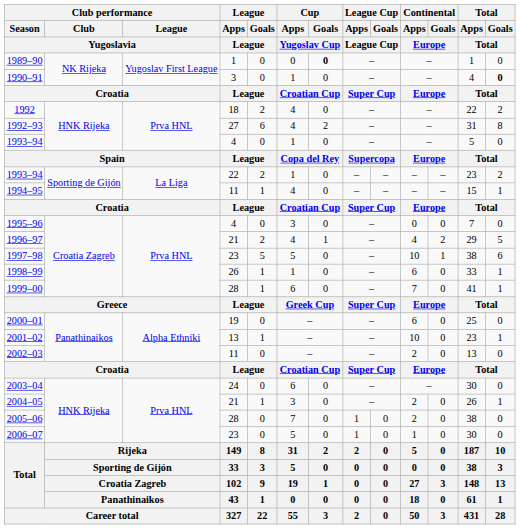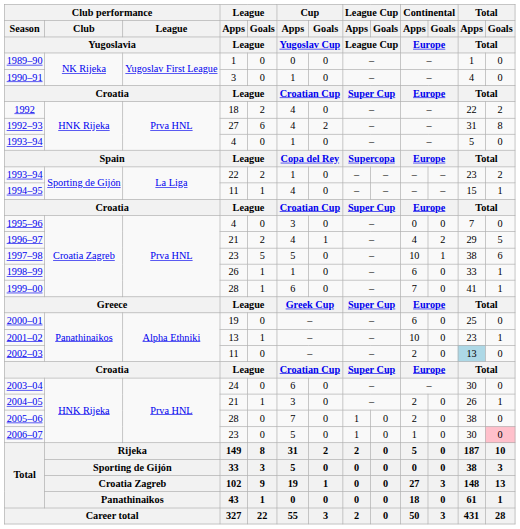 <table class="wikitable" style="text-align:center;">
 <tr>
 <th colspan=3>Club performance</th>
 <th colspan=2>League</th>
 <th colspan=2>Cup</th>
 <th colspan=2>League Cup</th>
 <th colspan=2>Continental</th>
 <th colspan=2>Total</th>
 </tr>
 <tr>
 <th>Season</th>
 <th>Club</th>
 <th>League</th>
 <th>Apps</th>
 <th>Goals</th>
 <th>Apps</th>
 <th>Goals</th>
 <th>Apps</th>
 <th>Goals</th>
 <th>Apps</th>
 <th>Goals</th>
 <th>Apps</th>
 <th>Goals</th>
 </tr>
 <tr>
 <th colspan=3>Yugoslavia</th>
 <th colspan=2>League</th>
 <th colspan=2><a href='#'>Yugoslav Cup</a></th>
 <th colspan=2>League Cup</th>
 <th colspan=2><a href='#'>Europe</a></th>
 <th colspan=2>Total</th>
 </tr>
 <tr>
 <td><a href='#'>1989–90</a></td>
 <td rowspan="2"><a href='#'>NK Rijeka</a></td>
 <td rowspan="2"><a href='#'>Yugoslav First League</a></td>
 <td>1</td>
 <td>0</td>
 <td>0</td>
-<td><strong>0</strong></td>
+<td>0</td>
 <td colspan="2">–</td>
 <td colspan="2">–</td>
 <td>1</td>
 <td>0</td>
 </tr>
 <tr>
 <td><a href='#'>1990–91</a></td>
 <td>3</td>
 <td>0</td>
 <td>1</td>
 <td>0</td>
 <td colspan="2">–</td>
 <td colspan="2">–</td>
 <td>4</td>
-<td><strong>0</strong></td>
+<td>0</td>
 </tr>
 <tr>
 <th colspan=3>Croatia</th>
 <th colspan=2>League</th>
 <th colspan=2><a href='#'>Croatian Cup</a></th>
 <th colspan=2><a href='#'>Super Cup</a></th>
 <th colspan=2><a href='#'>Europe</a></th>
 <th colspan=2>Total</th>
 </tr>
 <tr>
 <td><a href='#'>1992</a></td>
 <td rowspan="3"><a href='#'>HNK Rijeka</a></td>
 <td rowspan="3"><a href='#'>Prva HNL</a></td>
 <td>18</td>
 <td>2</td>
 <td>4</td>
 <td>0</td>
 <td colspan="2">–</td>
 <td colspan="2">–</td>
 <td>22</td>
 <td>2</td>
 </tr>
 <tr>
 <td><a href='#'>1992–93</a></td>
 <td>27</td>
 <td>6</td>
 <td>4</td>
 <td>2</td>
 <td colspan="2">–</td>
 <td colspan="2">–</td>
 <td>31</td>
 <td>8</td>
 </tr>
 <tr>
 <td><a href='#'>1993–94</a></td>
 <td>4</td>
 <td>0</td>
 <td>1</td>
 <td>0</td>
 <td colspan="2">–</td>
 <td colspan="2">–</td>
 <td>5</td>
 <td>0</td>
 </tr>
 <tr>
 <th colspan=3>Spain</th>
 <th colspan=2>League</th>
 <th colspan=2><a href='#'>Copa del Rey</a></th>
 <th colspan=2><a href='#'>Supercopa</a></th>
 <th colspan=2><a href='#'>Europe</a></th>
 <th colspan=2>Total</th>
 </tr>
 <tr>
 <td><a href='#'>1993–94</a></td>
 <td rowspan="2"><a href='#'>Sporting de Gijón</a></td>
 <td rowspan="2"><a href='#'>La Liga</a></td>
 <td>22</td>
 <td>2</td>
 <td>1</td>
 <td>0</td>
 <td>–</td>
 <td>–</td>
 <td>–</td>
 <td>–</td>
 <td>23</td>
 <td>2</td>
 </tr>
 <tr>
 <td><a href='#'>1994–95</a></td>
 <td>11</td>
 <td>1</td>
 <td>4</td>
 <td>0</td>
 <td>–</td>
 <td>–</td>
 <td>–</td>
 <td>–</td>
 <td>15</td>
 <td>1</td>
 </tr>
 <tr>
 <th colspan=3>Croatia</th>
 <th colspan=2>League</th>
 <th colspan=2><a href='#'>Croatian Cup</a></th>
 <th colspan=2><a href='#'>Super Cup</a></th>
 <th colspan=2><a href='#'>Europe</a></th>
 <th colspan=2>Total</th>
 </tr>
 <tr>
 <td><a href='#'>1995–96</a></td>
 <td rowspan="5"><a href='#'>Croatia Zagreb</a></td>
 <td rowspan="5"><a href='#'>Prva HNL</a></td>
 <td>4</td>
 <td>0</td>
 <td>3</td>
 <td>0</td>
 <td colspan="2">–</td>
 <td>0</td>
 <td>0</td>
 <td>7</td>
 <td>0</td>
 </tr>
 <tr>
 <td><a href='#'>1996–97</a></td>
 <td>21</td>
 <td>2</td>
 <td>4</td>
 <td>1</td>
 <td colspan="2">–</td>
 <td>4</td>
 <td>2</td>
 <td>29</td>
 <td>5</td>
 </tr>
 <tr>
 <td><a href='#'>1997–98</a></td>
 <td>23</td>
 <td>5</td>
 <td>5</td>
 <td>0</td>
 <td colspan="2">–</td>
 <td>10</td>
 <td>1</td>
 <td>38</td>
 <td>6</td>
 </tr>
 <tr>
 <td><a href='#'>1998–99</a></td>
 <td>26</td>
 <td>1</td>
 <td>1</td>
 <td>0</td>
 <td colspan="2">–</td>
 <td>6</td>
 <td>0</td>
 <td>33</td>
 <td>1</td>
 </tr>
 <tr>
 <td><a href='#'>1999–00</a></td>
 <td>28</td>
 <td>1</td>
 <td>6</td>
 <td>0</td>
 <td colspan="2">–</td>
 <td>7</td>
 <td>0</td>
 <td>41</td>
 <td>1</td>
 </tr>
 <tr>
 <th colspan=3>Greece</th>
 <th colspan=2>League</th>
 <th colspan=2><a href='#'>Greek Cup</a></th>
 <th colspan=2><a href='#'>Super Cup</a></th>
 <th colspan=2><a href='#'>Europe</a></th>
 <th colspan=2>Total</th>
 </tr>
 <tr>
 <td><a href='#'>2000–01</a></td>
 <td rowspan="3"><a href='#'>Panathinaikos</a></td>
 <td rowspan="3"><a href='#'>Alpha Ethniki</a></td>
 <td>19</td>
 <td>0</td>
 <td colspan="2">–</td>
 <td colspan="2">–</td>
 <td>6</td>
 <td>0</td>
 <td>25</td>
 <td>0</td>
 </tr>
 <tr>
 <td><a href='#'>2001–02</a></td>
 <td>13</td>
 <td>1</td>
 <td colspan="2">–</td>
 <td colspan="2">–</td>
 <td>10</td>
 <td>0</td>
 <td>23</td>
 <td>1</td>
 </tr>
 <tr>
 <td><a href='#'>2002–03</a></td>
 <td>11</td>
 <td>0</td>
 <td colspan="2">–</td>
 <td colspan="2">–</td>
 <td>2</td>
 <td>0</td>
-<td>13</td>
+<td style="background: lightblue;">13</td>
 <td>0</td>
 </tr>
 <tr>
 <th colspan=3>Croatia</th>
 <th colspan=2>League</th>
 <th colspan=2><a href='#'>Croatian Cup</a></th>
 <th colspan=2><a href='#'>Super Cup</a></th>
 <th colspan=2><a href='#'>Europe</a></th>
 <th colspan=2>Total</th>
 </tr>
 <tr>
 <td><a href='#'>2003–04</a></td>
 <td rowspan="4"><a href='#'>HNK Rijeka</a></td>
 <td rowspan="4"><a href='#'>Prva HNL</a></td>
 <td>24</td>
 <td>0</td>
 <td>6</td>
 <td>0</td>
 <td colspan="2">–</td>
 <td colspan="2">–</td>
 <td>30</td>
 <td>0</td>
 </tr>
 <tr>
 <td><a href='#'>2004–05</a></td>
 <td>21</td>
 <td>1</td>
 <td>3</td>
 <td>0</td>
 <td colspan="2">–</td>
 <td>2</td>
 <td>0</td>
 <td>26</td>
 <td>1</td>
 </tr>
 <tr>
 <td><a href='#'>2005–06</a></td>
 <td>28</td>
 <td>0</td>
 <td>7</td>
 <td>0</td>
 <td>1</td>
 <td>0</td>
 <td>2</td>
 <td>0</td>
 <td>38</td>
 <td>0</td>
 </tr>
 <tr>
 <td><a href='#'>2006–07</a></td>
 <td>23</td>
 <td>0</td>
 <td>5</td>
 <td>0</td>
 <td>1</td>
 <td>0</td>
 <td>1</td>
 <td>0</td>
 <td>30</td>
-<td>0</td>
+<td style="background: pink;">0</td>
 </tr>
 <tr>
 <th rowspan=4>Total</th>
 <th colspan=2>Rijeka</th>
 <th>149</th>
 <th>8</th>
 <th>31</th>
 <th>2</th>
 <th>2</th>
 <th>0</th>
 <th>5</th>
 <th>0</th>
 <th>187</th>
 <th>10</th>
 </tr>
 <tr>
 <th colspan=2>Sporting de Gijón</th>
 <th>33</th>
 <th>3</th>
 <th>5</th>
 <th>0</th>
 <th>0</th>
 <th>0</th>
 <th>0</th>
 <th>0</th>
 <th>38</th>
 <th>3</th>
 </tr>
 <tr>
 <th colspan=2>Croatia Zagreb</th>
 <th>102</th>
 <th>9</th>
 <th>19</th>
 <th>1</th>
 <th>0</th>
 <th>0</th>
 <th>27</th>
 <th>3</th>
 <th>148</th>
 <th>13</th>
 </tr>
 <tr>
 <th colspan=2>Panathinaikos</th>
 <th>43</th>
 <th>1</th>
 <th>0</th>
 <th>0</th>
 <th>0</th>
 <th>0</th>
 <th>18</th>
 <th>0</th>
 <th>61</th>
 <th>1</th>
 </tr>
 <tr>
 <th colspan=3>Career total</th>
 <th>327</th>
 <th>22</th>
 <th>55</th>
 <th>3</th>
 <th>2</th>
 <th>0</th>
 <th>50</th>
 <th>3</th>
 <th>431</th>
 <th>28</th>
 </tr>
 </table>
